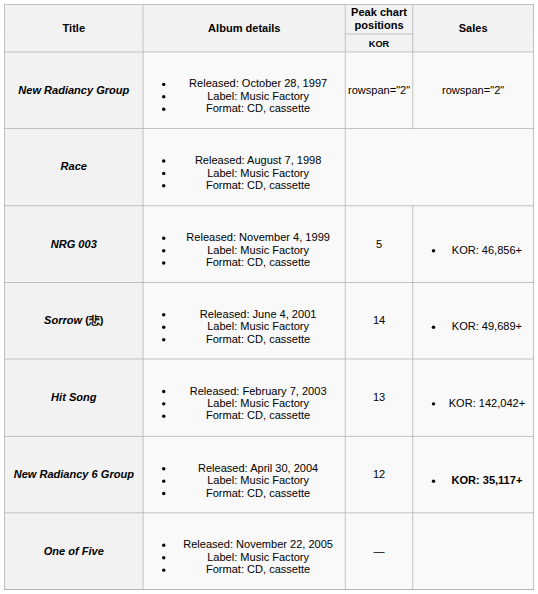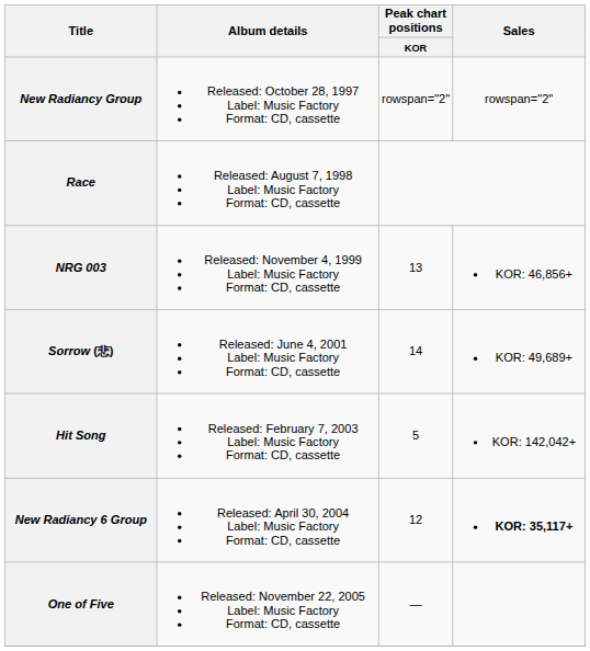 <table class="wikitable plainrowheaders" style="text-align:center; width:48em;">
 <tr>
 <th scope="col" rowspan="2">Title</th>
 <th scope="col" rowspan="2">Album details</th>
 <th scope="col" colspan="1" style="width:5em;">Peak chart positions</th>
 <th scope="col" rowspan="2">Sales</th>
 </tr>
 <tr>
 <th><small>KOR</small><br></th>
 </tr>
 <tr>
 <th scope="row"><em>New Radiancy Group</em></th>
 <td><br><ul><li>Released: October 28, 1997</li><li>Label: Music Factory</li><li>Format: CD, cassette</li></ul></td>
 <td>rowspan="2" </td>
 <td>rowspan="2" </td>
 </tr>
 <tr>
 <th scope="row"><em>Race</em></th>
 <td><br><ul><li>Released: August 7, 1998</li><li>Label: Music Factory</li><li>Format: CD, cassette</li></ul></td>
 </tr>
 <tr>
 <th scope="row"><em>NRG 003</em></th>
 <td><br><ul><li>Released: November 4, 1999</li><li>Label: Music Factory</li><li>Format: CD, cassette</li></ul></td>
-<td>5</td>
+<td>13</td>
 <td><br><ul><li>KOR: 46,856+</li></ul></td>
 </tr>
 <tr>
 <th scope="row"><em>Sorrow</em> (悲)</th>
 <td><br><ul><li>Released: June 4, 2001</li><li>Label: Music Factory</li><li>Format: CD, cassette</li></ul></td>
 <td>14</td>
 <td><br><ul><li>KOR: 49,689+</li></ul></td>
 </tr>
 <tr>
 <th scope="row"><em>Hit Song</em></th>
 <td><br><ul><li>Released: February 7, 2003</li><li>Label: Music Factory</li><li>Format: CD, cassette</li></ul></td>
-<td>13</td>
+<td>5</td>
 <td><br><ul><li>KOR: 142,042+</li></ul></td>
 </tr>
 <tr>
 <th scope="row"><em>New Radiancy 6 Group</em></th>
 <td><br><ul><li>Released: April 30, 2004</li><li>Label: Music Factory</li><li>Format: CD, cassette</li></ul></td>
 <td>12</td>
 <td><strong><br><ul><li>KOR: 35,117+</li></ul></strong></td>
 </tr>
 <tr>
 <th scope="row"><em>One of Five</em></th>
 <td><br><ul><li>Released: November 22, 2005</li><li>Label: Music Factory</li><li>Format: CD, cassette</li></ul></td>
 <td>—</td>
 <td></td>
 </tr>
 <tr>
 </tr>
 </table>
